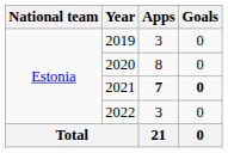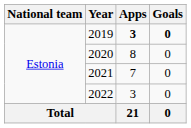 <table class=wikitable style=text-align:center>
 <tr>
 <th>National team</th>
 <th>Year</th>
 <th>Apps</th>
 <th>Goals</th>
 </tr>
 <tr>
 <td rowspan="4"><a href='#'>Estonia</a></td>
 <td>2019</td>
-<td>3</td>
-<td>0</td>
+<td><strong>3</strong></td>
+<td><strong>0</strong></td>
 </tr>
 <tr>
 <td>2020</td>
 <td>8</td>
 <td>0</td>
 </tr>
 <tr>
 <td>2021</td>
-<td><strong>7</strong></td>
-<td><strong>0</strong></td>
+<td>7</td>
+<td>0</td>
 </tr>
 <tr>
 <td>2022</td>
 <td>3</td>
 <td>0</td>
 </tr>
 <tr>
 <th colspan="2">Total</th>
 <th>21</th>
 <th>0</th>
 </tr>
 </table>
